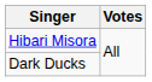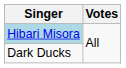 <table class="wikitable">
 <tr>
 <th>Singer</th>
 <th>Votes</th>
 </tr>
 <tr>
-<td><a href='#'>Hibari Misora</a></td>
+<td style="background: lightblue;"><a href='#'>Hibari Misora</a></td>
 <td rowspan=2>All</td>
 </tr>
 <tr>
 <td>Dark Ducks</td>
 </tr>
 </table>
